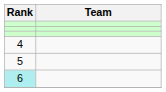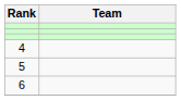 <table class=wikitable style="text-align:center;">
 <tr>
 <th>Rank</th>
 <th width=180>Team</th>
 </tr>
 <tr bgcolor=#CCFFCC>
 <td></td>
 <td align=left></td>
 </tr>
 <tr bgcolor=#CCFFCC>
 <td></td>
 <td align=left></td>
 </tr>
 <tr bgcolor=#CCFFCC>
 <td></td>
 <td align=left></td>
 </tr>
 <tr bgcolor=>
 <td>4</td>
 <td align=left></td>
 </tr>
 <tr>
 <td>5</td>
 <td align=left></td>
 </tr>
 <tr>
-<td style="background: paleturquoise;">6</td>
+<td>6</td>
 <td align=left></td>
 </tr>
 <tr>
 </tr>
 </table>
